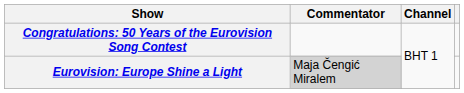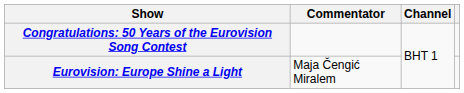 <table class="wikitable plainrowheaders">
 <tr>
 <th>Show</th>
 <th>Commentator</th>
 <th>Channel</th>
 <th class="unsortable"></th>
 </tr>
 <tr>
 <th scope="row"><em><a href='#'>Congratulations: 50 Years of the Eurovision Song Contest</a></em></th>
 <td></td>
 <td rowspan="2">BHT 1</td>
 <td></td>
 </tr>
 <tr>
 <th scope="row"><em><a href='#'>Eurovision: Europe Shine a Light</a></em></th>
-<td style="background: lightgrey;">Maja Čengić Miralem</td>
+<td>Maja Čengić Miralem</td>
 <td></td>
 </tr>
 </table>
